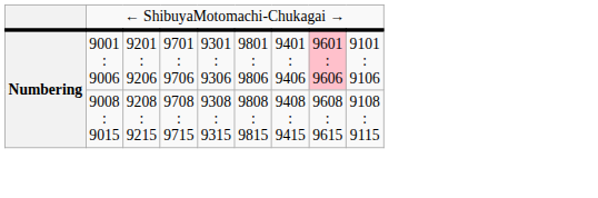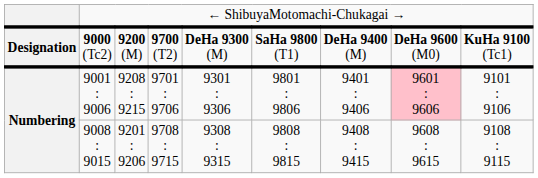 <table class="wikitable" style="text-align:center">
 <tr style="border-bottom: 4px solid ">
 <th></th>
 <td colspan="8"><span>← Shibuya</span><span>Motomachi-Chukagai →</span></td>
 </tr>
+<tr>
+<th>Designation</th>
+<td><strong> 9000</strong><br>(Tc2)</td>
+<td><strong> 9200</strong><br>(M)</td>
+<td><strong> 9700</strong><br>(T2)</td>
+<td><strong>DeHa 9300</strong><br>(M)</td>
+<td><strong>SaHa 9800</strong><br>(T1)</td>
+<td><strong>DeHa 9400</strong><br>(M)</td>
+<td><strong>DeHa 9600</strong><br>(M0)</td>
+<td><strong>KuHa 9100</strong><br>(Tc1)</td>
+</tr>
 <tr style="border-top: 4px solid black">
 <th rowspan="2">Numbering</th>
 <td>9001<br>:<br>9006</td>
-<td>9201<br>:<br>9206</td>
+<td>9208<br>:<br>9215</td>
 <td>9701<br>:<br>9706</td>
 <td>9301<br>:<br>9306</td>
 <td>9801<br>:<br>9806</td>
 <td>9401<br>:<br>9406</td>
 <td style="background: pink;">9601<br>:<br>9606</td>
 <td>9101<br>:<br>9106</td>
 </tr>
 <tr>
 <td>9008<br>:<br>9015</td>
-<td>9208<br>:<br>9215</td>
+<td>9201<br>:<br>9206</td>
 <td>9708<br>:<br>9715</td>
 <td>9308<br>:<br>9315</td>
 <td>9808<br>:<br>9815</td>
 <td>9408<br>:<br>9415</td>
 <td>9608<br>:<br>9615</td>
 <td>9108<br>:<br>9115</td>
 </tr>
 </table>
